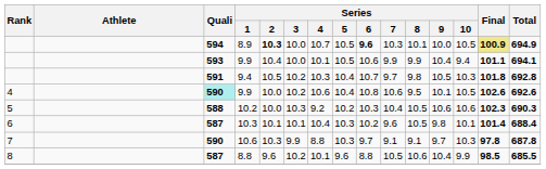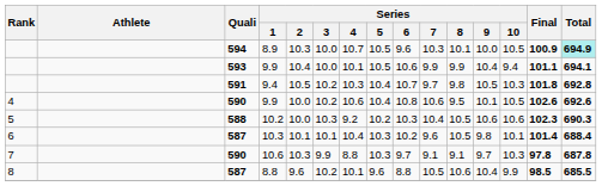 <table class="wikitable" style="font-size:95%" style="width:35em;" style="text-align:center">
 <tr>
 <th rowspan=2>Rank</th>
 <th rowspan=2 width=250>Athlete</th>
 <th rowspan=2 width=40>Quali</th>
 <th colspan=10 width=350>Series</th>
 <th rowspan=2 width=40>Final</th>
 <th rowspan=2 width=40>Total</th>
 </tr>
 <tr>
 <th>1</th>
 <th>2</th>
 <th>3</th>
 <th>4</th>
 <th>5</th>
 <th>6</th>
 <th>7</th>
 <th>8</th>
 <th>9</th>
 <th>10</th>
 </tr>
 <tr>
 <td></td>
 <td align=left></td>
 <td><strong>594</strong></td>
 <td>8.9</td>
-<td><strong>10.3</strong></td>
+<td>10.3</td>
 <td>10.0</td>
 <td>10.7</td>
 <td>10.5</td>
-<td><strong>9.6</strong></td>
+<td>9.6</td>
 <td>10.3</td>
 <td>10.1</td>
 <td>10.0</td>
 <td>10.5</td>
-<td style="background: khaki;"><strong>100.9</strong></td>
-<td><strong>694.9</strong></td>
+<td><strong>100.9</strong></td>
+<td style="background: paleturquoise;"><strong>694.9</strong></td>
 </tr>
 <tr>
 <td></td>
 <td align=left></td>
 <td><strong>593</strong></td>
 <td>9.9</td>
 <td>10.4</td>
 <td>10.0</td>
 <td>10.1</td>
 <td>10.5</td>
 <td>10.6</td>
 <td>9.9</td>
 <td>9.9</td>
 <td>10.4</td>
 <td>9.4</td>
 <td><strong>101.1</strong></td>
 <td><strong>694.1</strong></td>
 </tr>
 <tr>
 <td></td>
 <td align=left></td>
 <td><strong>591</strong></td>
 <td>9.4</td>
 <td>10.5</td>
 <td>10.2</td>
 <td>10.3</td>
 <td>10.4</td>
 <td>10.7</td>
 <td>9.7</td>
 <td>9.8</td>
 <td>10.5</td>
 <td>10.3</td>
 <td><strong>101.8</strong></td>
 <td><strong>692.8</strong></td>
 </tr>
 <tr>
 <td>4</td>
 <td align=left></td>
-<td style="background: paleturquoise;"><strong>590</strong></td>
+<td><strong>590</strong></td>
 <td>9.9</td>
 <td>10.0</td>
 <td>10.2</td>
 <td>10.6</td>
 <td>10.4</td>
 <td>10.8</td>
 <td>10.6</td>
 <td>9.5</td>
 <td>10.1</td>
 <td>10.5</td>
 <td><strong>102.6</strong></td>
 <td><strong>692.6</strong></td>
 </tr>
 <tr>
 <td>5</td>
 <td align=left></td>
 <td><strong>588</strong></td>
 <td>10.2</td>
 <td>10.0</td>
 <td>10.3</td>
 <td>9.2</td>
 <td>10.2</td>
 <td>10.3</td>
 <td>10.4</td>
 <td>10.5</td>
 <td>10.6</td>
 <td>10.6</td>
 <td><strong>102.3</strong></td>
 <td><strong>690.3</strong></td>
 </tr>
 <tr>
 <td>6</td>
 <td align=left></td>
 <td><strong>587</strong></td>
 <td>10.3</td>
 <td>10.1</td>
 <td>10.1</td>
 <td>10.4</td>
 <td>10.3</td>
 <td>10.2</td>
 <td>9.6</td>
 <td>10.5</td>
 <td>9.8</td>
 <td>10.1</td>
 <td><strong>101.4</strong></td>
 <td><strong>688.4</strong></td>
 </tr>
 <tr>
 <td>7</td>
 <td align=left></td>
 <td><strong>590</strong></td>
 <td>10.6</td>
 <td>10.3</td>
 <td>9.9</td>
 <td>8.8</td>
 <td>10.3</td>
 <td>9.7</td>
 <td>9.1</td>
 <td>9.1</td>
 <td>9.7</td>
 <td>10.3</td>
 <td><strong>97.8</strong></td>
 <td><strong>687.8</strong></td>
 </tr>
 <tr>
 <td>8</td>
 <td align=left></td>
 <td><strong>587</strong></td>
 <td>8.8</td>
 <td>9.6</td>
 <td>10.2</td>
 <td>10.1</td>
 <td>9.6</td>
 <td>8.8</td>
 <td>10.5</td>
 <td>10.6</td>
 <td>10.4</td>
 <td>9.9</td>
 <td><strong>98.5</strong></td>
 <td><strong>685.5</strong></td>
 </tr>
 <tr>
 </tr>
 </table>
